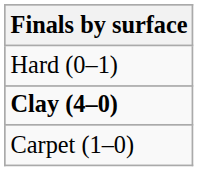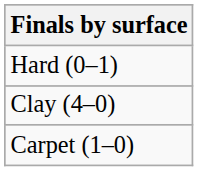 <table class=wikitable style=font-size:90%>
 <tr>
 <th>Finals by surface</th>
 </tr>
 <tr>
 <td>Hard (0–1)</td>
 </tr>
 <tr>
-<td><strong>Clay (4–0)</strong></td>
+<td>Clay (4–0)</td>
 </tr>
 <tr>
 <td>Carpet (1–0)</td>
 </tr>
 </table>
